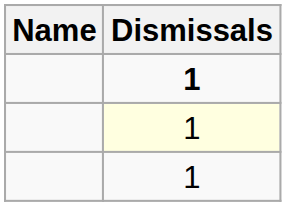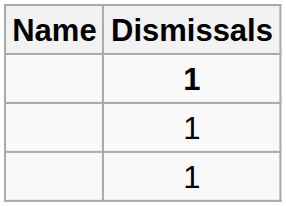 <table class="wikitable sortable" style="text-align:center; font-size:95%">
 <tr>
 <th>Name</th>
 <th>Dismissals</th>
 </tr>
 <tr>
 <td></td>
 <td><strong> 1</strong></td>
 </tr>
 <tr>
 <td></td>
-<td style="background: lightyellow;"> 1</td>
+<td> 1</td>
 </tr>
 <tr>
 <td></td>
 <td> 1</td>
 </tr>
 </table>
